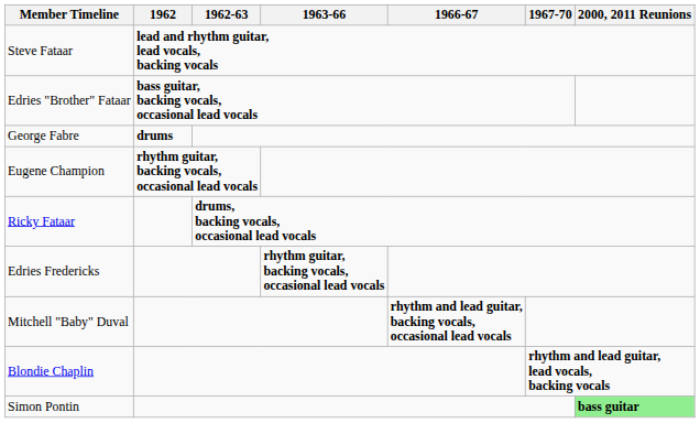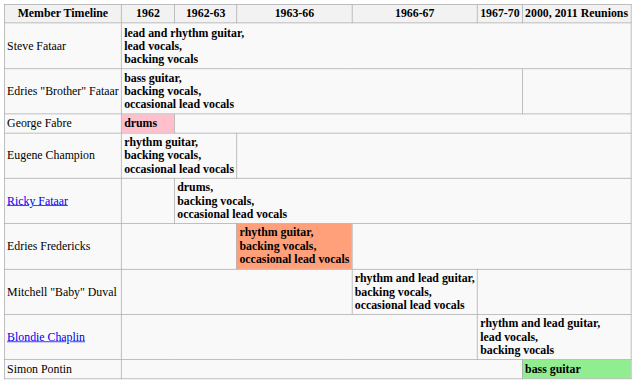 <table class="wikitable">
 <tr>
 <th>Member Timeline</th>
 <th>1962</th>
 <th>1962-63</th>
 <th>1963-66</th>
 <th>1966-67</th>
 <th>1967-70</th>
 <th>2000, 2011 Reunions</th>
 </tr>
 <tr>
 <td>Steve Fataar</td>
 <td colspan="6"><strong>lead and rhythm guitar,</strong><br><strong>lead vocals,</strong><br><strong>backing vocals</strong></td>
 </tr>
 <tr>
 <td>Edries "Brother" Fataar</td>
 <td colspan="5"><strong>bass guitar,</strong><br><strong>backing vocals,</strong><br><strong>occasional lead vocals</strong></td>
 <td></td>
 </tr>
 <tr>
 <td>George Fabre</td>
-<td><strong>drums</strong></td>
+<td style="background: pink;"><strong>drums</strong></td>
 <td colspan="5"></td>
 </tr>
 <tr>
 <td>Eugene Champion</td>
 <td colspan="2"><strong>rhythm guitar,</strong><br><strong>backing vocals,</strong><br><strong>occasional lead vocals</strong></td>
 <td colspan="4"></td>
 </tr>
 <tr>
 <td><a href='#'>Ricky Fataar</a></td>
 <td></td>
 <td colspan="5"><strong>drums,</strong><br><strong>backing vocals,</strong><br><strong>occasional lead vocals</strong></td>
 </tr>
 <tr>
 <td>Edries Fredericks</td>
 <td colspan="2"></td>
-<td><strong>rhythm guitar,</strong><br><strong>backing vocals,</strong><br><strong>occasional lead vocals</strong></td>
+<td style="background: lightsalmon;"><strong>rhythm guitar,</strong><br><strong>backing vocals,</strong><br><strong>occasional lead vocals</strong></td>
 <td colspan="3"></td>
 </tr>
 <tr>
 <td>Mitchell "Baby" Duval</td>
 <td colspan="3"></td>
 <td><strong>rhythm and lead guitar,</strong><br><strong>backing vocals,</strong><br><strong>occasional lead vocals</strong></td>
 <td colspan="2"></td>
 </tr>
 <tr>
 <td><a href='#'>Blondie Chaplin</a></td>
 <td colspan="4"></td>
 <td colspan="2"><strong>rhythm and lead guitar,</strong><br><strong>lead vocals,</strong><br><strong>backing vocals</strong></td>
 </tr>
 <tr>
 <td>Simon Pontin</td>
 <td colspan="5"></td>
 <td style="background: lightgreen;"><strong>bass guitar</strong></td>
 </tr>
 </table>
